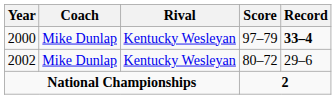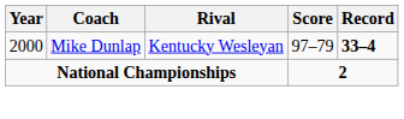 <table class= "wikitable sortable">
 <tr>
 <th width=px>Year</th>
 <th width=px>Coach</th>
 <th width=px>Rival</th>
 <th width=px>Score</th>
 <th width=px>Record</th>
 </tr>
 <tr>
 <td>2000</td>
 <td><a href='#'>Mike Dunlap</a></td>
 <td><a href='#'>Kentucky Wesleyan</a></td>
 <td>97–79</td>
 <td><strong>33–4</strong></td>
 </tr>
-<tr>
-<td>2002</td>
-<td><a href='#'>Mike Dunlap</a></td>
-<td><a href='#'>Kentucky Wesleyan</a></td>
-<td>80–72</td>
-<td>29–6</td>
-</tr>
 <tr style="text-align:center; ">
 <td colspan="3"><strong>National Championships</strong></td>
 <td colspan="2"><strong>2</strong></td>
 </tr>
 </table>
